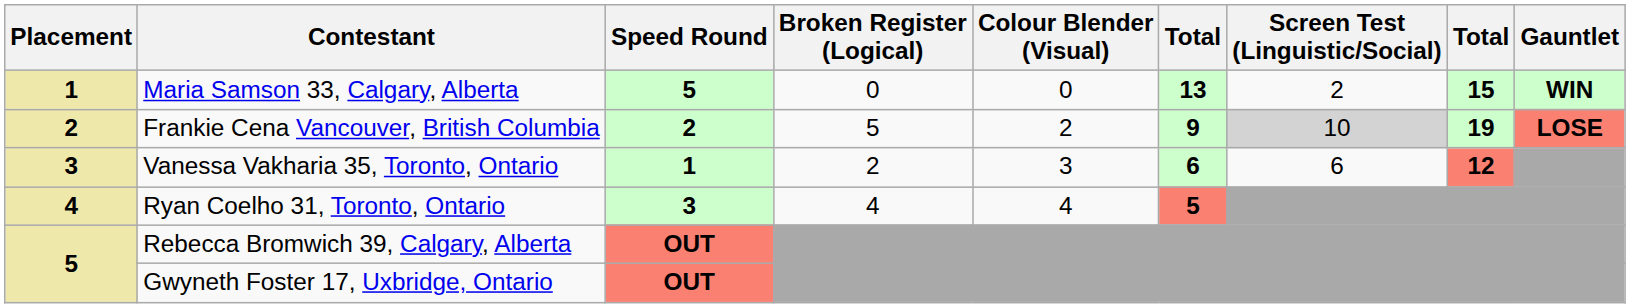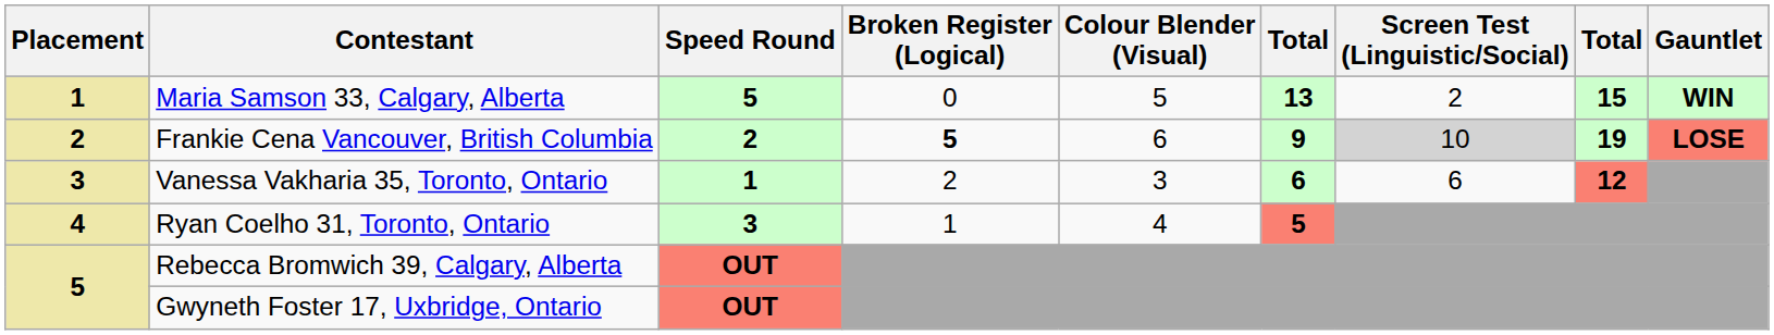 <table class="wikitable" style="text-align:center;">
 <tr>
 <th>Placement</th>
 <th>Contestant</th>
 <th>Speed Round</th>
 <th>Broken Register<br>(Logical)</th>
 <th>Colour Blender<br>(Visual)</th>
 <th>Total</th>
 <th>Screen Test<br>(Linguistic/Social)</th>
 <th>Total</th>
 <th>Gauntlet</th>
 </tr>
 <tr>
 <td bgcolor="palegoldenrod"><strong>1</strong></td>
 <td align="left"><a href='#'>Maria Samson</a> 33, <a href='#'>Calgary</a>, <a href='#'>Alberta</a></td>
 <td bgcolor="#cfc"><strong>5</strong></td>
 <td>0</td>
-<td>0</td>
+<td>5</td>
 <td bgcolor="#cfc"><strong>13</strong></td>
 <td>2</td>
 <td bgcolor="#cfc"><strong>15</strong></td>
 <td bgcolor="#cfc"><strong>WIN</strong></td>
 </tr>
 <tr>
 <td bgcolor="palegoldenrod"><strong>2</strong></td>
 <td align="left">Frankie Cena <a href='#'>Vancouver</a>, <a href='#'>British Columbia</a></td>
 <td bgcolor="#cfc"><strong>2</strong></td>
-<td>5</td>
-<td>2</td>
+<td><strong>5</strong></td>
+<td>6</td>
 <td bgcolor="#cfc"><strong>9</strong></td>
 <td style="background: lightgrey;">10</td>
 <td bgcolor="#cfc"><strong>19</strong></td>
 <td bgcolor="salmon"><strong>LOSE</strong></td>
 </tr>
 <tr>
 <td bgcolor="palegoldenrod"><strong>3</strong></td>
 <td align="left">Vanessa Vakharia 35, <a href='#'>Toronto</a>, <a href='#'>Ontario</a></td>
 <td bgcolor="#cfc"><strong>1</strong></td>
 <td>2</td>
 <td>3</td>
 <td bgcolor="#cfc"><strong>6</strong></td>
 <td>6</td>
 <td bgcolor="salmon"><strong>12</strong></td>
 <td bgcolor="darkgrey"></td>
 </tr>
 <tr>
 <td bgcolor="palegoldenrod"><strong>4</strong></td>
 <td align="left">Ryan Coelho 31, <a href='#'>Toronto</a>, <a href='#'>Ontario</a></td>
 <td bgcolor="#cfc"><strong>3</strong></td>
-<td>4</td>
+<td>1</td>
 <td>4</td>
 <td bgcolor="salmon"><strong>5</strong></td>
 <td bgcolor="darkgrey" colspan="3"></td>
 </tr>
 <tr>
 <td rowspan="2" bgcolor="palegoldenrod"><strong>5</strong></td>
 <td align="left">Rebecca Bromwich 39, <a href='#'>Calgary</a>, <a href='#'>Alberta</a></td>
 <td bgcolor="salmon"><strong>OUT</strong></td>
 <td bgcolor="darkgrey" colspan="6"></td>
 </tr>
 <tr>
 <td align="left">Gwyneth Foster 17, <a href='#'>Uxbridge, Ontario</a></td>
 <td bgcolor="salmon"><strong>OUT</strong></td>
 <td bgcolor="darkgrey" colspan="6"></td>
 </tr>
 </table>
